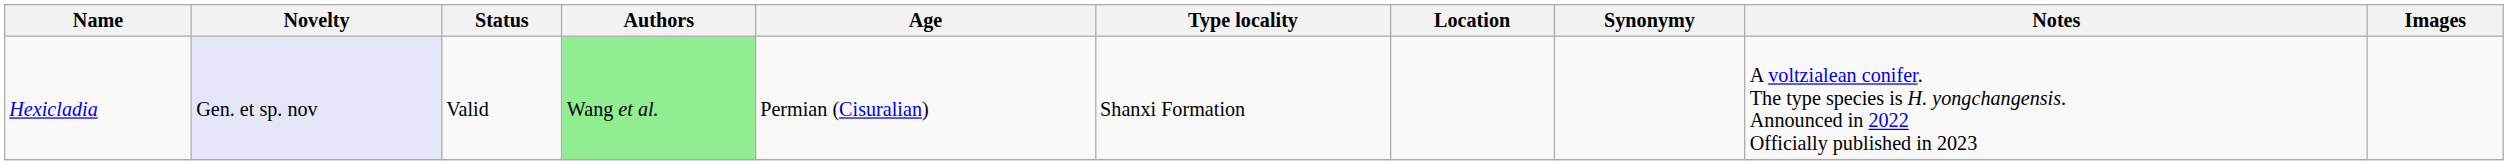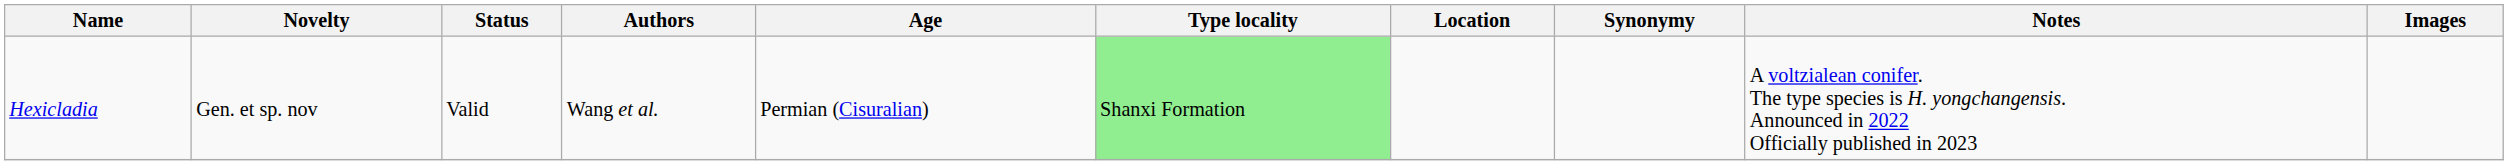 <table class="wikitable sortable" align="center" width="100%">
 <tr>
 <th>Name</th>
 <th>Novelty</th>
 <th>Status</th>
 <th>Authors</th>
 <th>Age</th>
 <th>Type locality</th>
 <th>Location</th>
 <th>Synonymy</th>
 <th>Notes</th>
 <th>Images</th>
 </tr>
 <tr>
 <td><br><em><a href='#'>Hexicladia</a></em></td>
-<td style="background: lavender;"><br>Gen. et sp. nov</td>
+<td><br>Gen. et sp. nov</td>
 <td><br>Valid</td>
-<td style="background: lightgreen;"><br>Wang <em>et al.</em></td>
+<td><br>Wang <em>et al.</em></td>
 <td><br>Permian (<a href='#'>Cisuralian</a>)</td>
-<td><br>Shanxi Formation</td>
+<td style="background: lightgreen;"><br>Shanxi Formation</td>
 <td><br></td>
 <td></td>
 <td><br>A <a href='#'>voltzialean conifer</a>.<br> The type species is <em>H. yongchangensis</em>.<br>Announced in <a href='#'>2022</a><br>Officially published in 2023</td>
 <td></td>
 </tr>
 <tr>
 </tr>
 </table>
